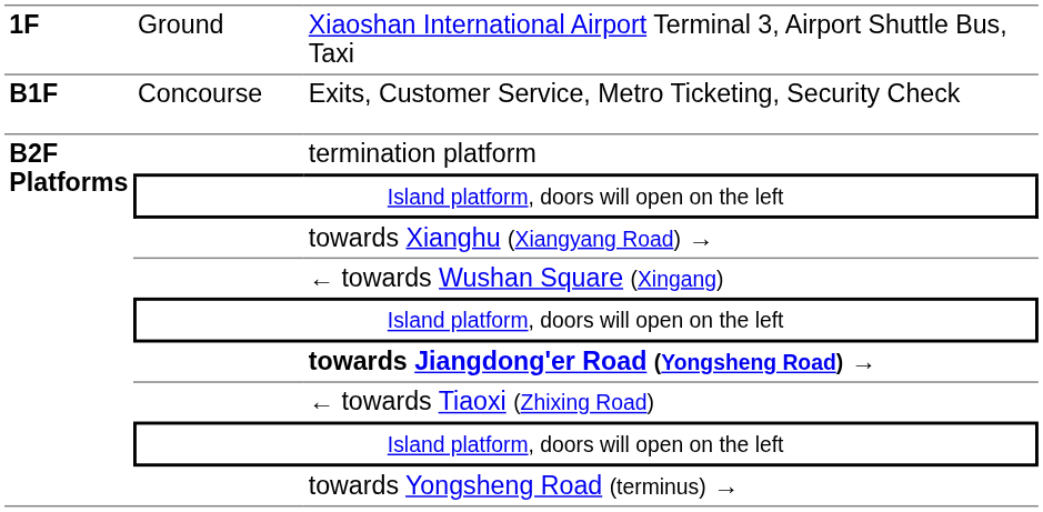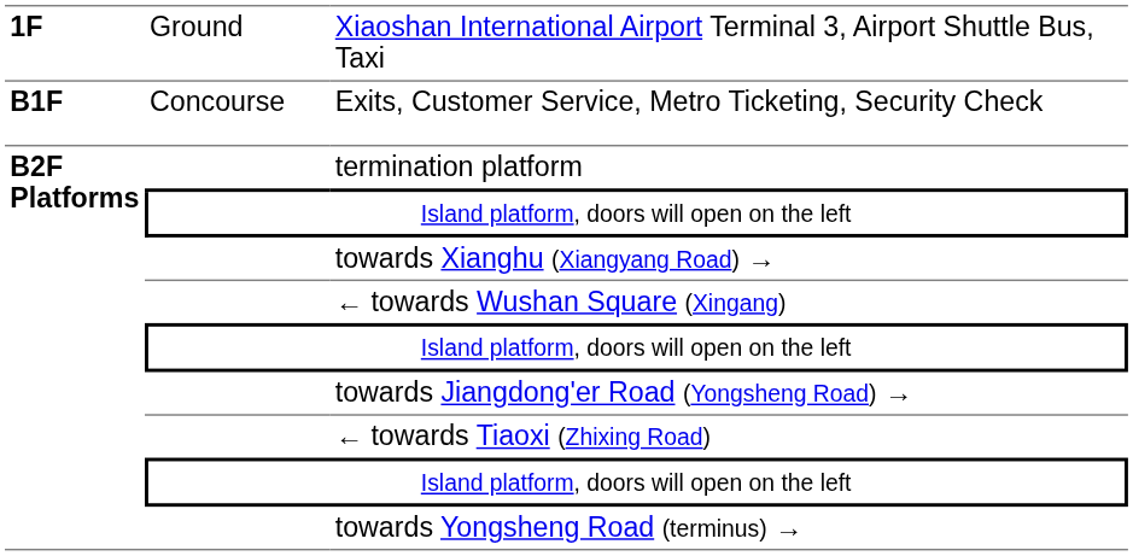 <table border="0" cellspacing="0" cellpadding="3">
 <tr>
 <td style="border-bottom:solid 1px gray;border-top:solid 1px gray;width:50px;vertical-align:top;"><strong>1F</strong></td>
 <td style="border-top:solid 1px gray;border-bottom:solid 1px gray;width:100px;vertical-align:top;">Ground</td>
 <td style="border-top:solid 1px gray;border-bottom:solid 1px gray;width:450px;vertical-align:top;"><a href='#'>Xiaoshan International Airport</a> Terminal 3, Airport Shuttle Bus, Taxi</td>
 </tr>
 <tr>
 <td rowspan="3" style="border-bottom:solid 1px gray;vertical-align:top;"><strong>B1F</strong></td>
 <td rowspan="3" style="border-bottom:solid 1px gray;vertical-align:top;">Concourse</td>
 <td>Exits, Customer Service, Metro Ticketing, Security Check</td>
 </tr>
 <tr>
 <td></td>
 </tr>
 <tr>
 <td style="border-bottom:solid 1px gray;"></td>
 </tr>
 <tr>
 <td rowspan="9" style="border-bottom:solid 1px gray;vertical-align:top;"><strong>B2F<br>Platforms</strong></td>
 <td style="border-bottom:solid 2px black;"></td>
 <td style="border-bottom:solid 2px black;">  termination platform</td>
 </tr>
 <tr>
 <td colspan="2" style="border-right:solid 2px black;border-left:solid 2px black;border-bottom:solid 2px black;text-align:center;"><small><a href='#'>Island platform</a>, doors will open on the left</small></td>
 </tr>
 <tr>
 <td style="border-bottom:solid 1px gray;"></td>
 <td style="border-bottom:solid 1px gray;">  towards <a href='#'>Xianghu</a> <small>(<a href='#'>Xiangyang Road</a>)</small> →</td>
 </tr>
 <tr>
 <td></td>
 <td>←  towards <a href='#'>Wushan Square</a> <small>(<a href='#'>Xingang</a>)</small></td>
 </tr>
 <tr>
 <td colspan="2" style="border-top:solid 2px black;border-right:solid 2px black;border-left:solid 2px black;border-bottom:solid 2px black;text-align:center;"><small><a href='#'>Island platform</a>, doors will open on the left</small></td>
 </tr>
 <tr>
 <td style="border-bottom:solid 1px gray;"></td>
-<td style="border-bottom:solid 1px gray;"><strong>  towards <a href='#'>Jiangdong'er Road</a> <small>(<a href='#'>Yongsheng Road</a>)</small> →</strong></td>
+<td style="border-bottom:solid 1px gray;">  towards <a href='#'>Jiangdong'er Road</a> <small>(<a href='#'>Yongsheng Road</a>)</small> →</td>
 </tr>
 <tr>
 <td></td>
 <td>←  towards <a href='#'>Tiaoxi</a> <small>(<a href='#'>Zhixing Road</a>)</small></td>
 </tr>
 <tr>
 <td colspan="2" style="border-top:solid 2px black;border-right:solid 2px black;border-left:solid 2px black;border-bottom:solid 2px black;text-align:center;"><small><a href='#'>Island platform</a>, doors will open on the left</small></td>
 <td></td>
 </tr>
 <tr>
 <td style="border-bottom:solid 1px gray;"></td>
 <td style="border-bottom:solid 1px gray;">  towards <a href='#'>Yongsheng Road</a> <small>(terminus)</small> →</td>
 </tr>
 </table>
